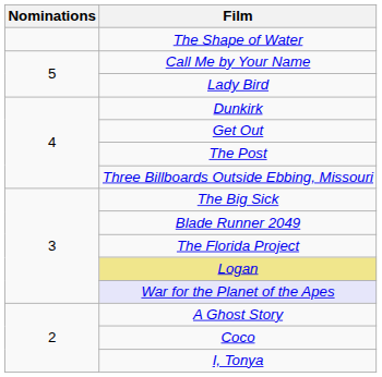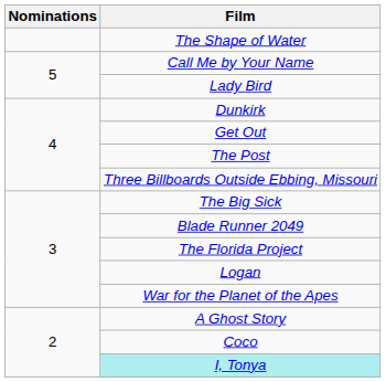 <table class="wikitable" style="text-align:center;">
 <tr>
 <th scope="col" width="55">Nominations</th>
 <th scope="col" align="center">Film</th>
 </tr>
 <tr>
 <td></td>
 <td><em><a href='#'>The Shape of Water</a></em></td>
 </tr>
 <tr>
 <td rowspan=2 style="text-align:center">5</td>
 <td><em><a href='#'>Call Me by Your Name</a></em></td>
 </tr>
 <tr>
 <td><em><a href='#'>Lady Bird</a></em></td>
 </tr>
 <tr>
 <td rowspan=4 style="text-align:center">4</td>
 <td><em><a href='#'>Dunkirk</a></em></td>
 </tr>
 <tr>
 <td><em><a href='#'>Get Out</a></em></td>
 </tr>
 <tr>
 <td><em><a href='#'>The Post</a></em></td>
 </tr>
 <tr>
 <td><em><a href='#'>Three Billboards Outside Ebbing, Missouri</a></em></td>
 </tr>
 <tr>
 <td rowspan=5 style="text-align:center">3</td>
 <td><em><a href='#'>The Big Sick</a></em></td>
 </tr>
 <tr>
 <td><em><a href='#'>Blade Runner 2049</a></em></td>
 </tr>
 <tr>
 <td><em><a href='#'>The Florida Project</a></em></td>
 </tr>
 <tr>
-<td style="background: khaki;"><em><a href='#'>Logan</a></em></td>
+<td><em><a href='#'>Logan</a></em></td>
 </tr>
 <tr>
-<td style="background: lavender;"><em><a href='#'>War for the Planet of the Apes</a></em></td>
+<td><em><a href='#'>War for the Planet of the Apes</a></em></td>
 </tr>
 <tr>
 <td rowspan=3 style="text-align:center">2</td>
 <td><em><a href='#'>A Ghost Story</a></em></td>
 </tr>
 <tr>
 <td><em><a href='#'>Coco</a></em></td>
 </tr>
 <tr>
-<td><em><a href='#'>I, Tonya</a></em></td>
+<td style="background: paleturquoise;"><em><a href='#'>I, Tonya</a></em></td>
 </tr>
 </table>
